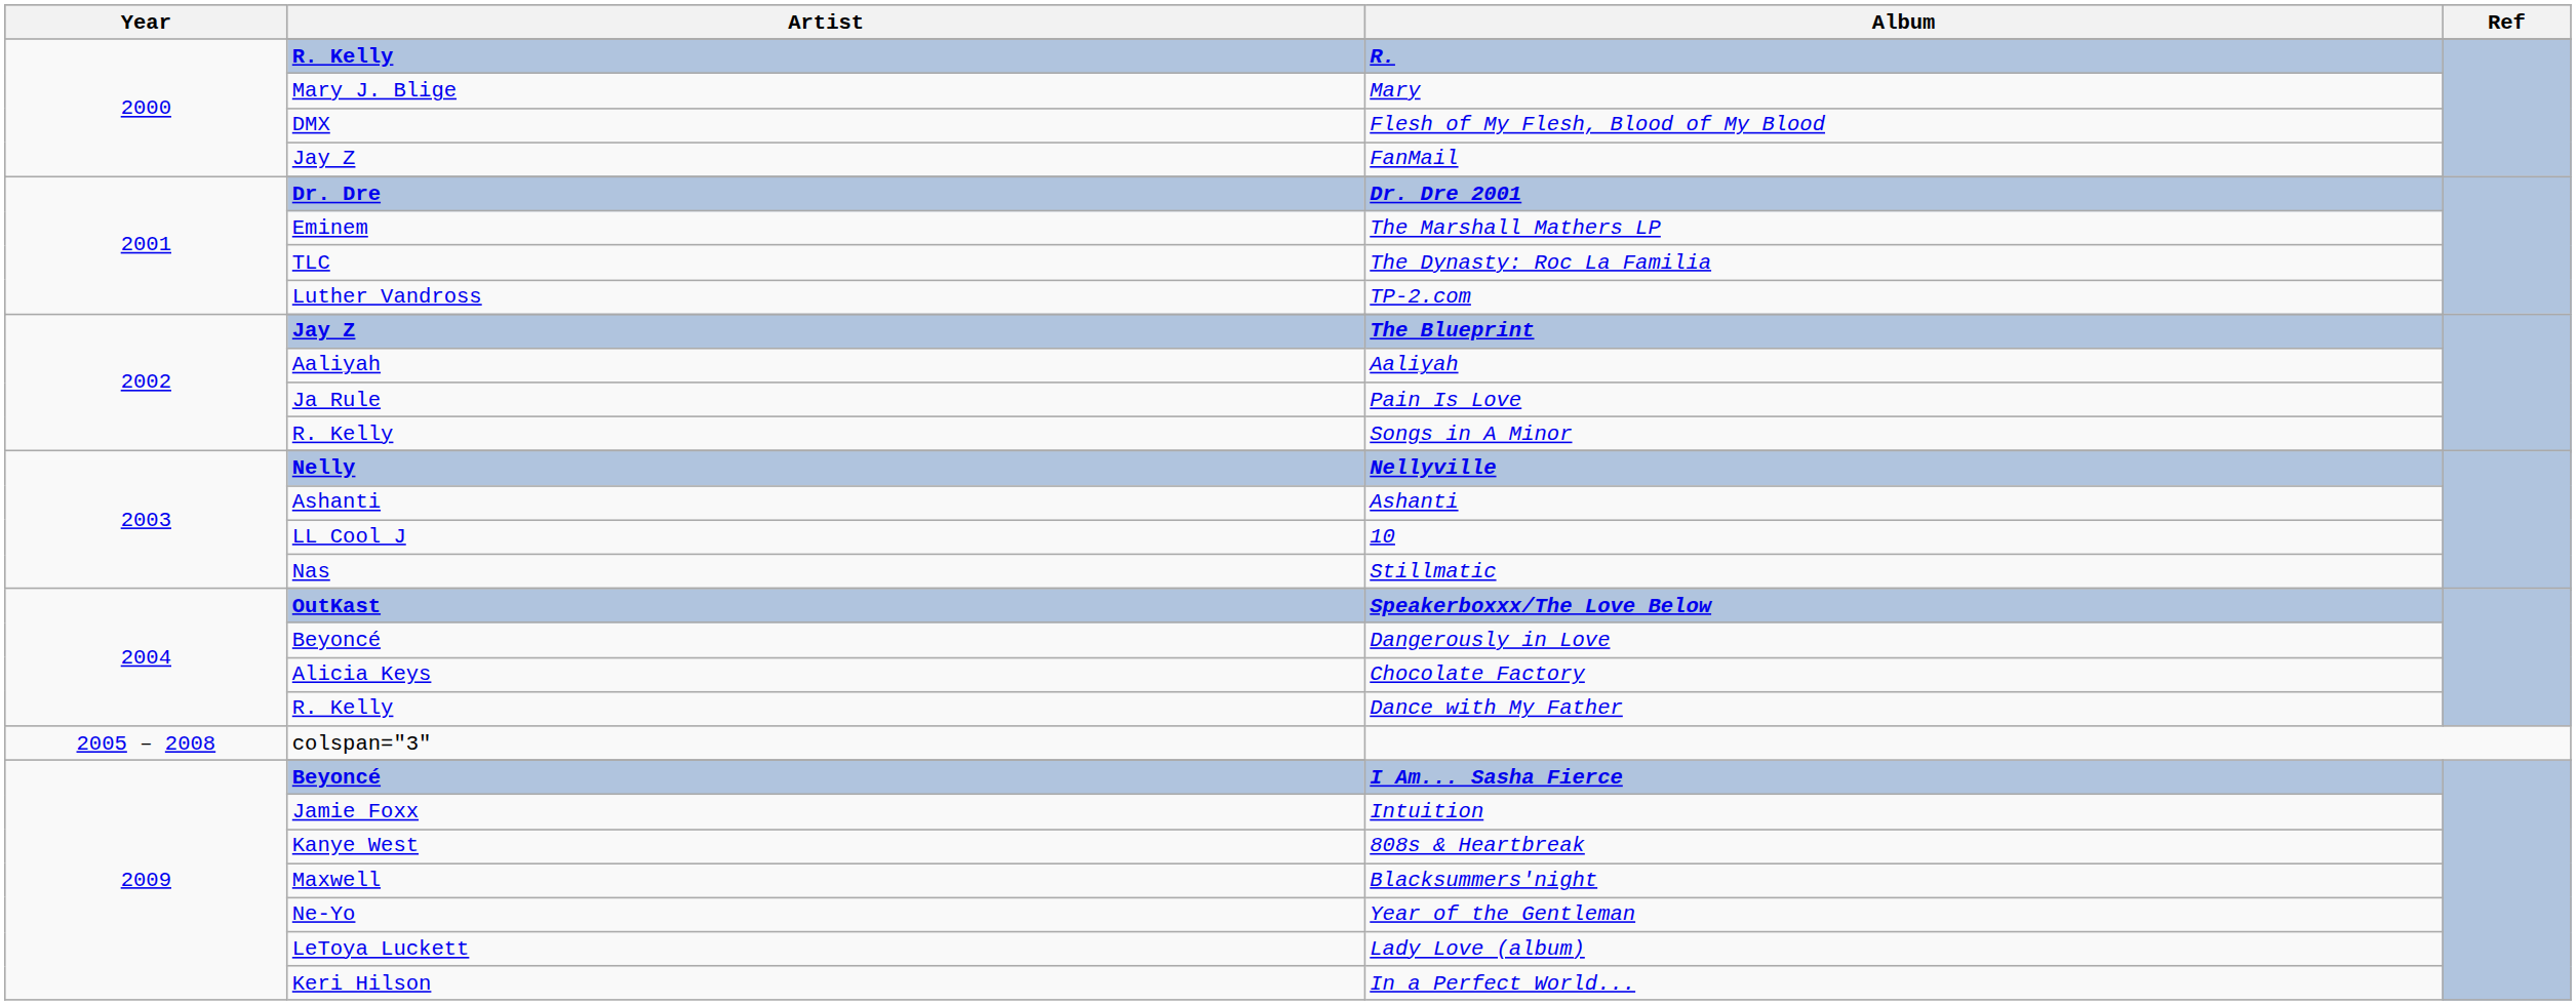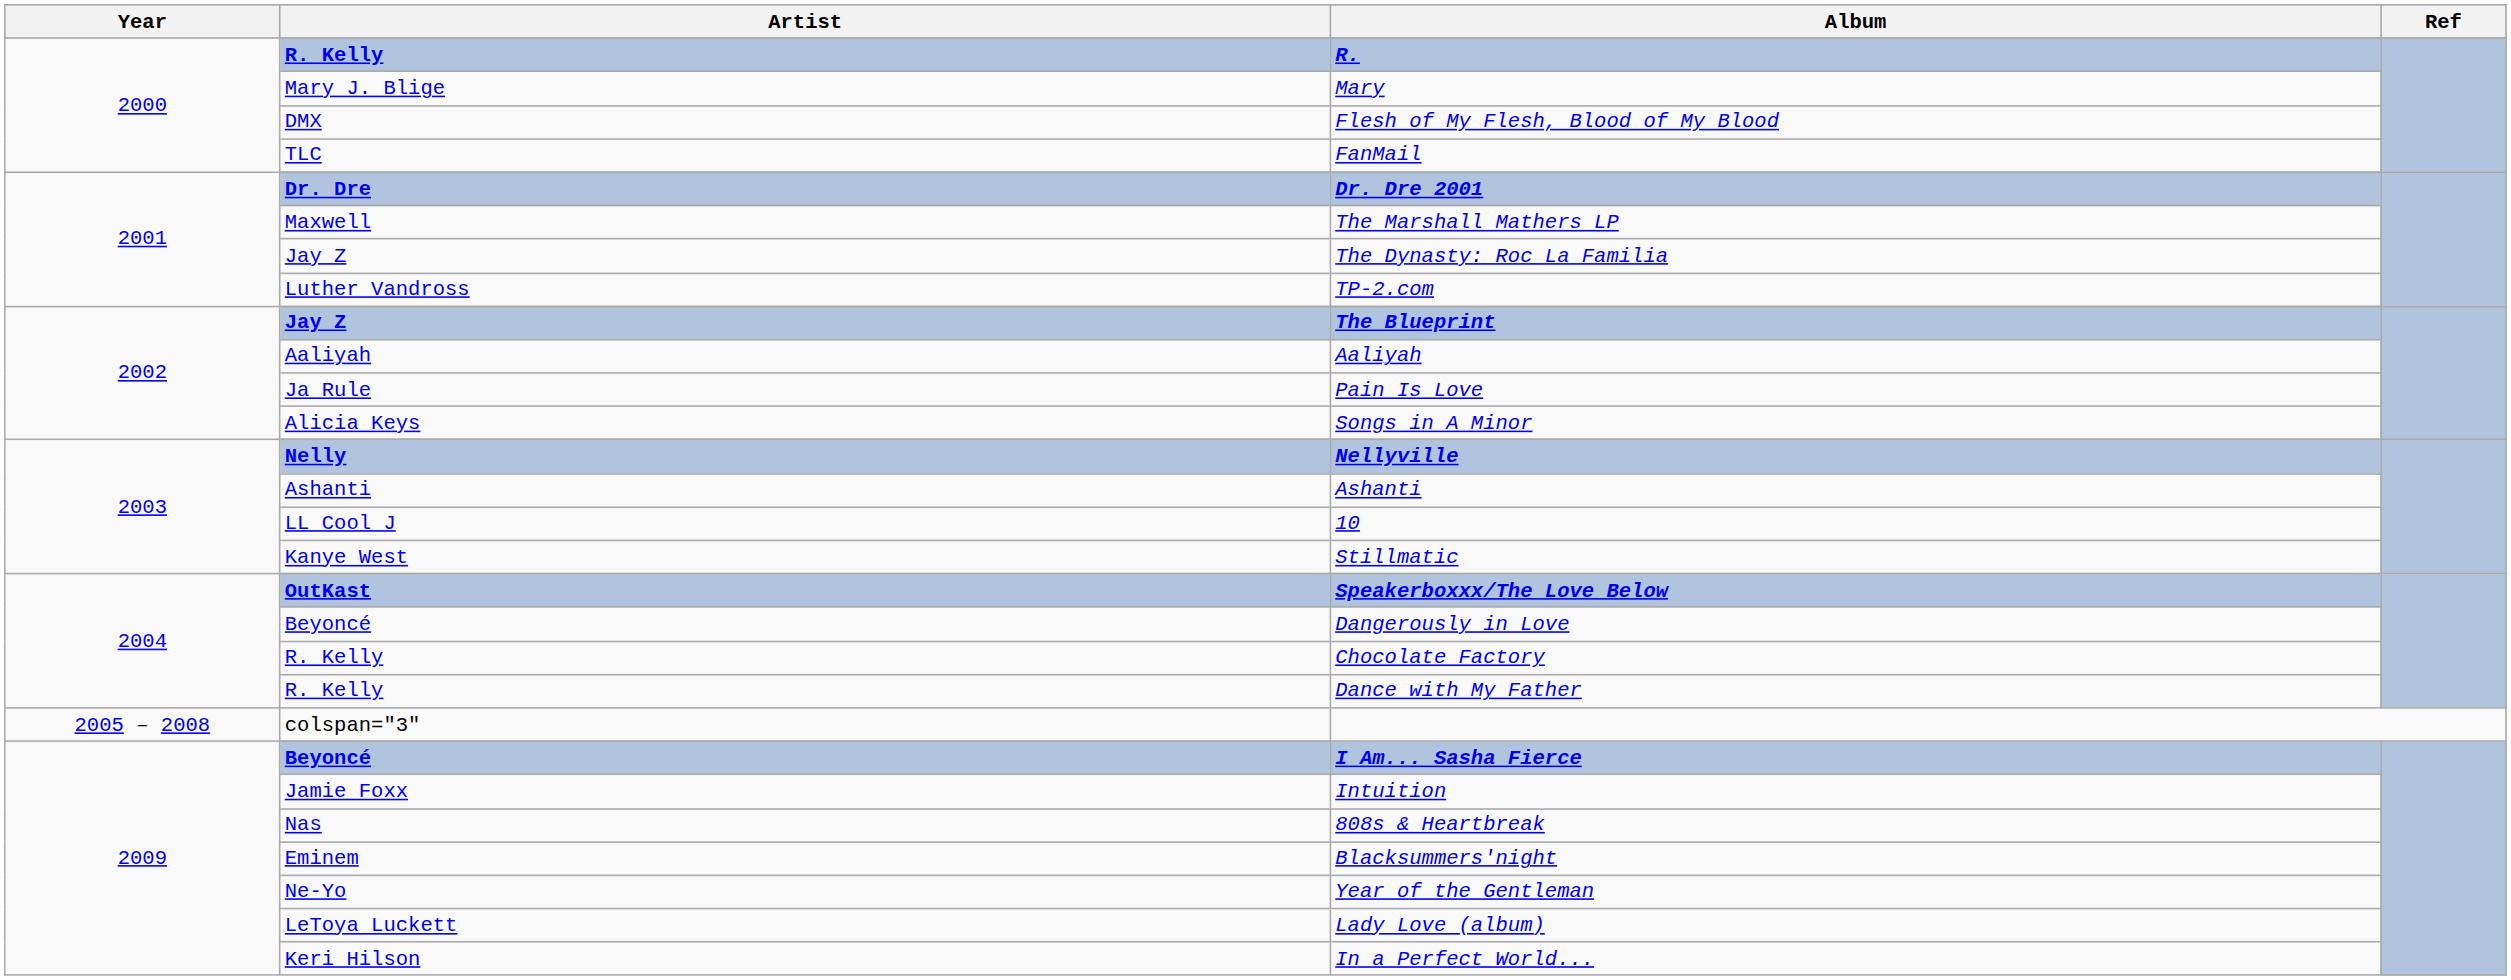 <table class="wikitable" style="width:100%;">
 <tr style="background:#bebebe;">
 <th style="width:11%;">Year</th>
 <th style="width:42%;">Artist</th>
 <th style="width:42%;">Album</th>
 <th style="width:5%;">Ref</th>
 </tr>
 <tr>
 <td rowspan="5" align="center"><a href='#'>2000</a></td>
 </tr>
 <tr style="background:#B0C4DE">
 <td><strong><a href='#'>R. Kelly</a></strong></td>
 <td><strong><em><a href='#'>R.</a></em></strong></td>
 <td rowspan="5" align="center"></td>
 </tr>
 <tr>
 <td><a href='#'>Mary J. Blige</a></td>
 <td><em><a href='#'>Mary</a></em></td>
 </tr>
 <tr>
 <td><a href='#'>DMX</a></td>
 <td><em><a href='#'>Flesh of My Flesh, Blood of My Blood</a></em></td>
 </tr>
 <tr>
-<td><a href='#'>Jay Z</a></td>
+<td><a href='#'>TLC</a></td>
 <td><em><a href='#'>FanMail</a></em></td>
 </tr>
 <tr>
 <td rowspan="5" align="center"><a href='#'>2001</a></td>
 </tr>
 <tr style="background:#B0C4DE">
 <td><strong><a href='#'>Dr. Dre</a></strong></td>
 <td><strong><em><a href='#'>Dr. Dre 2001</a></em></strong></td>
 <td rowspan="5" align="center"></td>
 </tr>
 <tr>
-<td><a href='#'>Eminem</a></td>
+<td><a href='#'>Maxwell</a></td>
 <td><em><a href='#'>The Marshall Mathers LP</a></em></td>
 </tr>
 <tr>
-<td><a href='#'>TLC</a></td>
+<td><a href='#'>Jay Z</a></td>
 <td><em><a href='#'>The Dynasty: Roc La Familia</a></em></td>
 </tr>
 <tr>
 <td><a href='#'>Luther Vandross</a></td>
 <td><em><a href='#'>TP-2.com</a></em></td>
 </tr>
 <tr>
 <td rowspan="5" align="center"><a href='#'>2002</a></td>
 </tr>
 <tr style="background:#B0C4DE">
 <td><strong><a href='#'>Jay Z</a></strong></td>
 <td><strong><em><a href='#'>The Blueprint</a></em></strong></td>
 <td rowspan="5" align="center"></td>
 </tr>
 <tr>
 <td><a href='#'>Aaliyah</a></td>
 <td><em><a href='#'>Aaliyah</a></em></td>
 </tr>
 <tr>
 <td><a href='#'>Ja Rule</a></td>
 <td><em><a href='#'>Pain Is Love</a></em></td>
 </tr>
 <tr>
-<td><a href='#'>R. Kelly</a></td>
+<td><a href='#'>Alicia Keys</a></td>
 <td><em><a href='#'>Songs in A Minor</a></em></td>
 </tr>
 <tr>
 <td rowspan="5" align="center"><a href='#'>2003</a></td>
 </tr>
 <tr style="background:#B0C4DE">
 <td><strong><a href='#'>Nelly</a></strong></td>
 <td><strong><em><a href='#'>Nellyville</a></em></strong></td>
 <td rowspan="5" align="center"></td>
 </tr>
 <tr>
 <td><a href='#'>Ashanti</a></td>
 <td><em><a href='#'>Ashanti</a></em></td>
 </tr>
 <tr>
 <td><a href='#'>LL Cool J</a></td>
 <td><em><a href='#'>10</a></em></td>
 </tr>
 <tr>
-<td><a href='#'>Nas</a></td>
+<td><a href='#'>Kanye West</a></td>
 <td><em><a href='#'>Stillmatic</a></em></td>
 </tr>
 <tr>
 <td rowspan="5" align="center"><a href='#'>2004</a></td>
 </tr>
 <tr style="background:#B0C4DE">
 <td><strong><a href='#'>OutKast</a></strong></td>
 <td><strong><em><a href='#'>Speakerboxxx/The Love Below</a></em></strong></td>
 <td rowspan="4" align="center"></td>
 </tr>
 <tr>
 <td><a href='#'>Beyoncé</a></td>
 <td><em><a href='#'>Dangerously in Love</a></em></td>
 </tr>
 <tr>
-<td><a href='#'>Alicia Keys</a></td>
+<td><a href='#'>R. Kelly</a></td>
 <td><em><a href='#'>Chocolate Factory</a></em></td>
 </tr>
 <tr>
 <td><a href='#'>R. Kelly</a></td>
 <td><em><a href='#'>Dance with My Father</a></em></td>
 </tr>
 <tr>
 <td align="center"><a href='#'>2005</a> – <a href='#'>2008</a></td>
 <td>colspan="3" </td>
 </tr>
 <tr>
 <td rowspan="8" align="center"><a href='#'>2009</a></td>
 </tr>
 <tr style="background:#B0C4DE">
 <td><strong><a href='#'>Beyoncé</a></strong></td>
 <td><strong><em><a href='#'>I Am... Sasha Fierce</a></em></strong></td>
 <td rowspan="8" align="center"></td>
 </tr>
 <tr>
 <td><a href='#'>Jamie Foxx</a></td>
 <td><em><a href='#'>Intuition</a></em></td>
 </tr>
 <tr>
-<td><a href='#'>Kanye West</a></td>
+<td><a href='#'>Nas</a></td>
 <td><em><a href='#'>808s & Heartbreak</a></em></td>
 </tr>
 <tr>
-<td><a href='#'>Maxwell</a></td>
+<td><a href='#'>Eminem</a></td>
 <td><em><a href='#'>Blacksummers'night</a></em></td>
 </tr>
 <tr>
 <td><a href='#'>Ne-Yo</a></td>
 <td><em><a href='#'>Year of the Gentleman</a></em></td>
 </tr>
 <tr>
 <td><a href='#'>LeToya Luckett</a></td>
 <td><em><a href='#'>Lady Love (album)</a></em></td>
 </tr>
 <tr>
 <td><a href='#'>Keri Hilson</a></td>
 <td><em><a href='#'>In a Perfect World...</a></em></td>
 </tr>
 </table>
